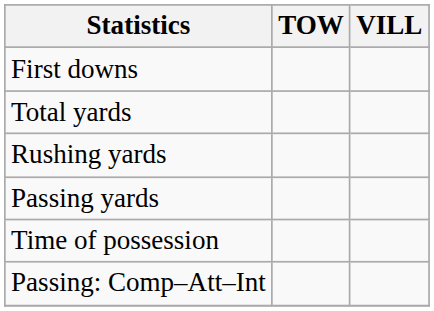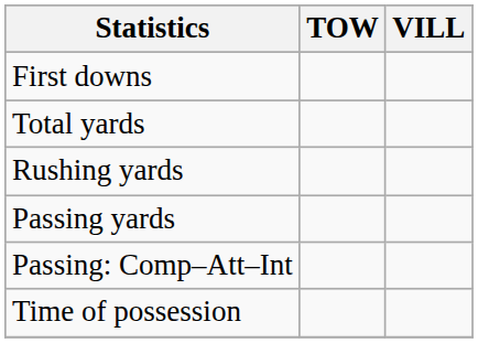 <table class="wikitable" style="float: left;">
 <tr>
 <th>Statistics</th>
 <th>TOW</th>
 <th>VILL</th>
 </tr>
 <tr>
 <td>First downs</td>
 <td></td>
 <td></td>
 </tr>
 <tr>
 <td>Total yards</td>
 <td></td>
 <td></td>
 </tr>
 <tr>
 <td>Rushing yards</td>
 <td></td>
 <td></td>
 </tr>
 <tr>
 <td>Passing yards</td>
 <td></td>
 <td></td>
 </tr>
 <tr>
-<td>Time of possession</td>
+<td>Passing: Comp–Att–Int</td>
 <td></td>
 <td></td>
 </tr>
 <tr>
-<td>Passing: Comp–Att–Int</td>
+<td>Time of possession</td>
 <td></td>
 <td></td>
 </tr>
 <tr>
 </tr>
 </table>
